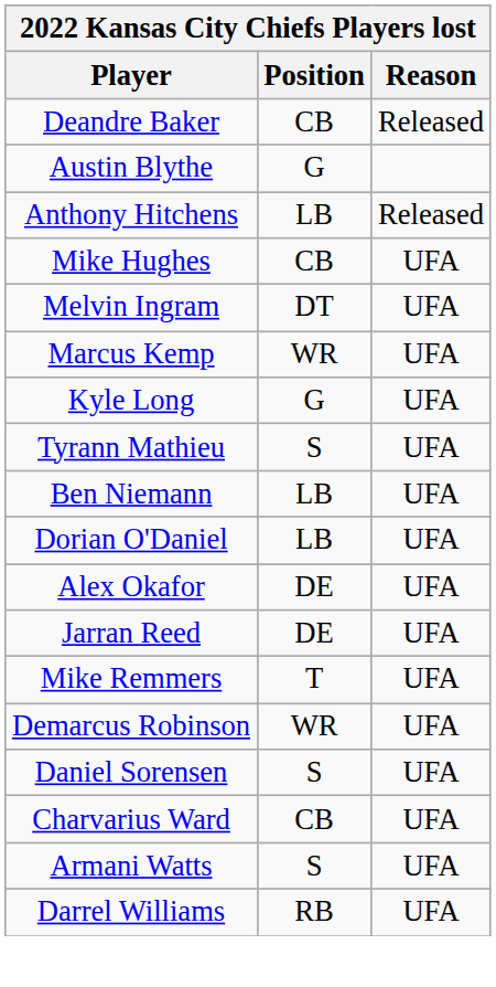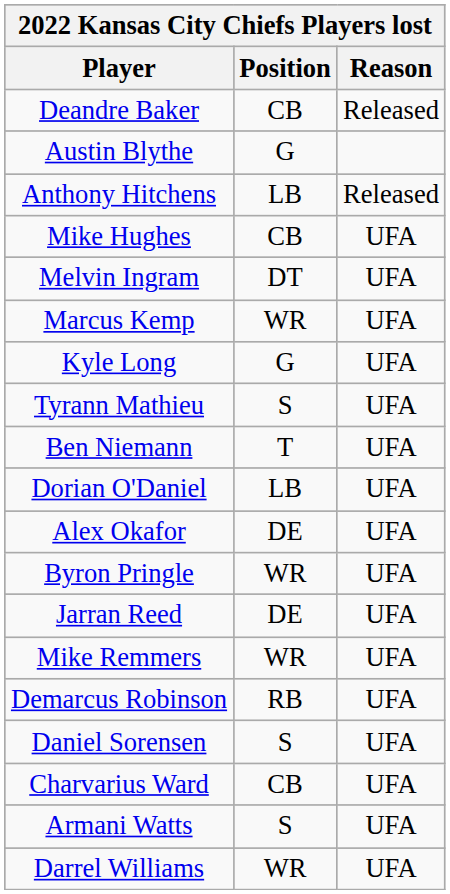 <table class="wikitable" style="text-align:center">
 <tr>
 <th colspan=3>2022 Kansas City Chiefs Players lost</th>
 </tr>
 <tr>
 <th>Player</th>
 <th>Position</th>
 <th>Reason</th>
 </tr>
 <tr>
 <td><a href='#'>Deandre Baker</a></td>
 <td>CB</td>
 <td>Released</td>
 </tr>
 <tr>
 <td><a href='#'>Austin Blythe</a></td>
 <td>G</td>
 <td></td>
 </tr>
 <tr>
 <td><a href='#'>Anthony Hitchens</a></td>
 <td>LB</td>
 <td>Released</td>
 </tr>
 <tr>
 <td><a href='#'>Mike Hughes</a></td>
 <td>CB</td>
 <td>UFA</td>
 </tr>
 <tr>
 <td><a href='#'>Melvin Ingram</a></td>
 <td>DT</td>
 <td>UFA</td>
 </tr>
 <tr>
 <td><a href='#'>Marcus Kemp</a></td>
 <td>WR</td>
 <td>UFA</td>
 </tr>
 <tr>
 <td><a href='#'>Kyle Long</a></td>
 <td>G</td>
 <td>UFA</td>
 </tr>
 <tr>
 <td><a href='#'>Tyrann Mathieu</a></td>
 <td>S</td>
 <td>UFA</td>
 </tr>
 <tr>
 <td><a href='#'>Ben Niemann</a></td>
-<td>LB</td>
+<td>T</td>
 <td>UFA</td>
 </tr>
 <tr>
 <td><a href='#'>Dorian O'Daniel</a></td>
 <td>LB</td>
 <td>UFA</td>
 </tr>
 <tr>
 <td><a href='#'>Alex Okafor</a></td>
 <td>DE</td>
 <td>UFA</td>
 </tr>
 <tr>
+<td><a href='#'>Byron Pringle</a></td>
+<td>WR</td>
+<td>UFA</td>
+</tr>
+<tr>
 <td><a href='#'>Jarran Reed</a></td>
 <td>DE</td>
 <td>UFA</td>
 </tr>
 <tr>
 <td><a href='#'>Mike Remmers</a></td>
-<td>T</td>
+<td>WR</td>
 <td>UFA</td>
 </tr>
 <tr>
 <td><a href='#'>Demarcus Robinson</a></td>
-<td>WR</td>
+<td>RB</td>
 <td>UFA</td>
 </tr>
 <tr>
 <td><a href='#'>Daniel Sorensen</a></td>
 <td>S</td>
 <td>UFA</td>
 </tr>
 <tr>
 <td><a href='#'>Charvarius Ward</a></td>
 <td>CB</td>
 <td>UFA</td>
 </tr>
 <tr>
 <td><a href='#'>Armani Watts</a></td>
 <td>S</td>
 <td>UFA</td>
 </tr>
 <tr>
 <td><a href='#'>Darrel Williams</a></td>
-<td>RB</td>
+<td>WR</td>
 <td>UFA</td>
 </tr>
 </table>
